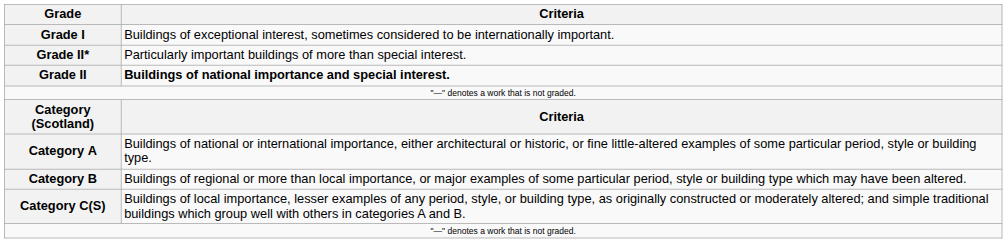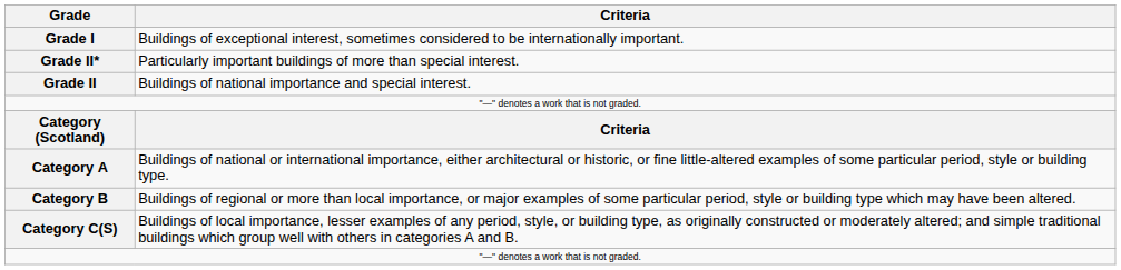 <table class="wikitable" border="1">
 <tr>
 <th>Grade</th>
 <th>Criteria</th>
 </tr>
 <tr>
 <th>Grade I</th>
 <td>Buildings of exceptional interest, sometimes considered to be internationally important.</td>
 </tr>
 <tr>
 <th>Grade II*</th>
 <td>Particularly important buildings of more than special interest.</td>
 </tr>
 <tr>
 <th>Grade II</th>
-<td><strong>Buildings of national importance and special interest.</strong></td>
+<td>Buildings of national importance and special interest.</td>
 </tr>
 <tr>
 <td align="center" colspan="14" style="font-size: 8pt">"—" denotes a work that is not graded.</td>
 </tr>
 <tr>
 <th>Category (Scotland)</th>
 <th>Criteria</th>
 </tr>
 <tr>
 <th>Category A</th>
 <td>Buildings of national or international importance, either architectural or historic, or fine little-altered examples of some particular period, style or building type.</td>
 </tr>
 <tr>
 <th>Category B</th>
 <td>Buildings of regional or more than local importance, or major examples of some particular period, style or building type which may have been altered.</td>
 </tr>
 <tr>
 <th>Category C(S)</th>
 <td>Buildings of local importance, lesser examples of any period, style, or building type, as originally constructed or moderately altered; and simple traditional buildings which group well with others in categories A and B.</td>
 </tr>
 <tr>
 <td align="center" colspan="14" style="font-size: 8pt">"—" denotes a work that is not graded.</td>
 </tr>
 </table>
